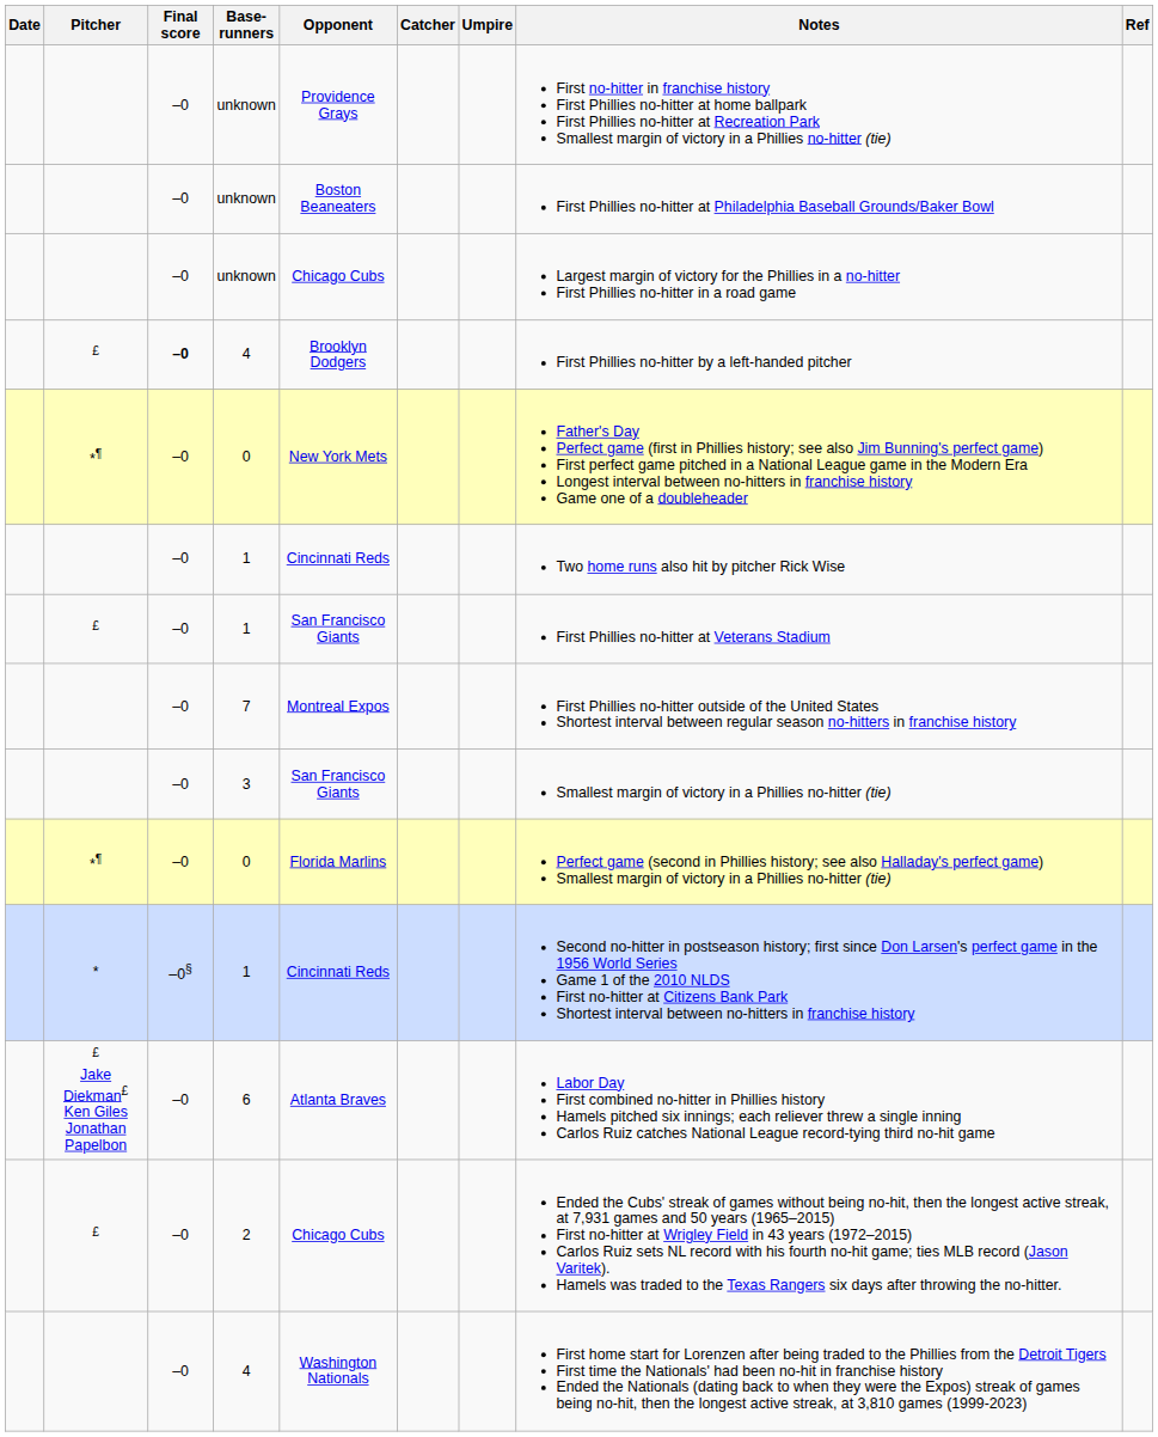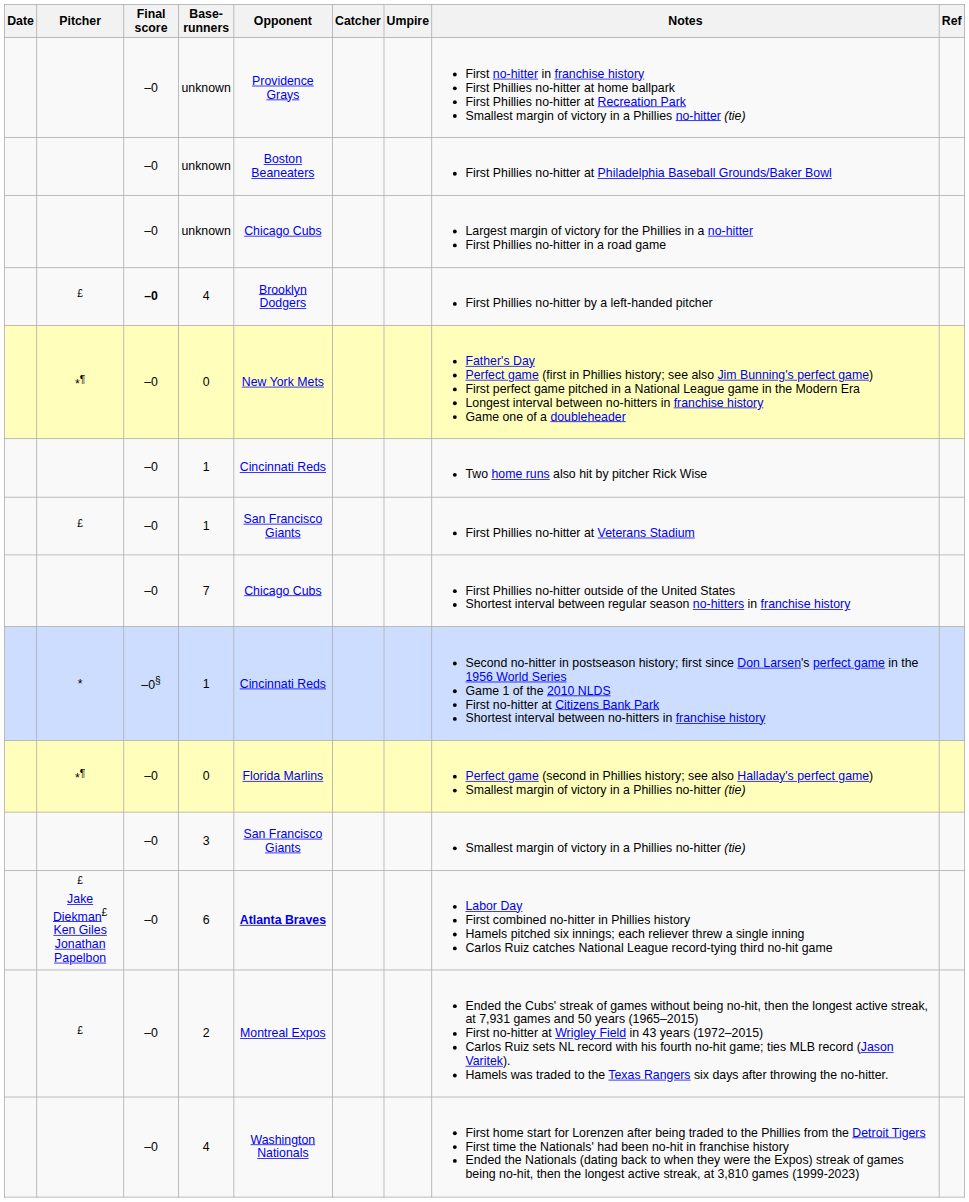 <table class="wikitable sortable" style="text-align:center" border="1">
 <tr>
 <th>Date</th>
 <th>Pitcher</th>
 <th>Final score</th>
 <th>Base-<br>runners</th>
 <th>Opponent</th>
 <th>Catcher</th>
 <th>Umpire</th>
 <th class="unsortable">Notes</th>
 <th class="unsortable">Ref</th>
 </tr>
 <tr>
 <td></td>
 <td></td>
 <td>–0</td>
 <td>unknown</td>
 <td><a href='#'>Providence Grays</a></td>
 <td></td>
 <td></td>
 <td align="left"><br><ul><li>First <a href='#'>no-hitter</a> in <a href='#'>franchise history</a></li><li>First Phillies no-hitter at home ballpark</li><li>First Phillies no-hitter at <a href='#'>Recreation Park</a></li><li>Smallest margin of victory in a Phillies <a href='#'>no-hitter</a> <em>(tie)</em></li></ul></td>
 <td></td>
 </tr>
 <tr>
 <td></td>
 <td></td>
 <td>–0</td>
 <td>unknown</td>
 <td><a href='#'>Boston Beaneaters</a></td>
 <td></td>
 <td></td>
 <td align="left"><br><ul><li>First Phillies no-hitter at <a href='#'>Philadelphia Baseball Grounds/Baker Bowl</a></li></ul></td>
 <td></td>
 </tr>
 <tr>
 <td></td>
 <td></td>
 <td>–0</td>
 <td>unknown</td>
 <td><a href='#'>Chicago Cubs</a></td>
 <td></td>
 <td></td>
 <td align="left"><br><ul><li>Largest margin of victory for the Phillies in a <a href='#'>no-hitter</a></li><li>First Phillies no-hitter in a road game</li></ul></td>
 <td></td>
 </tr>
 <tr>
 <td></td>
 <td><sup>£</sup></td>
 <td><strong>–0</strong></td>
 <td>4</td>
 <td><a href='#'>Brooklyn Dodgers</a></td>
 <td></td>
 <td></td>
 <td align="left"><br><ul><li>First Phillies no-hitter by a left-handed pitcher</li></ul></td>
 <td></td>
 </tr>
 <tr bgcolor="#ffffbb">
 <td></td>
 <td>*<sup>¶</sup></td>
 <td>–0</td>
 <td>0</td>
 <td><a href='#'>New York Mets</a></td>
 <td></td>
 <td></td>
 <td align="left"><br><ul><li><a href='#'>Father's Day</a></li><li><a href='#'>Perfect game</a> (first in Phillies history; see also <a href='#'>Jim Bunning's perfect game</a>)</li><li>First perfect game pitched in a National League game in the Modern Era</li><li>Longest interval between no-hitters in <a href='#'>franchise history</a></li><li>Game one of a <a href='#'>doubleheader</a></li></ul></td>
 <td></td>
 </tr>
 <tr>
 <td></td>
 <td></td>
 <td>–0</td>
 <td>1</td>
 <td><a href='#'>Cincinnati Reds</a></td>
 <td></td>
 <td></td>
 <td align="left"><br><ul><li>Two <a href='#'>home runs</a> also hit by pitcher Rick Wise</li></ul></td>
 <td></td>
 </tr>
 <tr>
 <td></td>
 <td><sup>£</sup></td>
 <td>–0</td>
 <td>1</td>
 <td><a href='#'>San Francisco Giants</a></td>
 <td></td>
 <td></td>
 <td align="left"><br><ul><li>First Phillies no-hitter at <a href='#'>Veterans Stadium</a></li></ul></td>
 <td></td>
 </tr>
 <tr>
 <td></td>
 <td></td>
 <td>–0</td>
 <td>7</td>
-<td><a href='#'>Montreal Expos</a></td>
+<td><a href='#'>Chicago Cubs</a></td>
 <td></td>
 <td></td>
 <td align="left"><br><ul><li>First Phillies no-hitter outside of the United States</li><li>Shortest interval between regular season <a href='#'>no-hitters</a> in <a href='#'>franchise history</a></li></ul></td>
+<td></td>
+</tr>
+<tr bgcolor="#ccddff">
+<td></td>
+<td>*</td>
+<td>–0<sup>§</sup></td>
+<td>1</td>
+<td><a href='#'>Cincinnati Reds</a></td>
+<td></td>
+<td></td>
+<td align="left"><br><ul><li>Second no-hitter in postseason history; first since <a href='#'>Don Larsen</a>'s <a href='#'>perfect game</a> in the <a href='#'>1956 World Series</a></li><li>Game 1 of the <a href='#'>2010 NLDS</a></li><li>First no-hitter at <a href='#'>Citizens Bank Park</a></li><li>Shortest interval between no-hitters in <a href='#'>franchise history</a></li></ul></td>
+<td></td>
+</tr>
+<tr bgcolor="#ffffbb">
+<td></td>
+<td>*<sup>¶</sup></td>
+<td>–0</td>
+<td>0</td>
+<td><a href='#'>Florida Marlins</a></td>
+<td></td>
+<td></td>
+<td align="left"><br><ul><li><a href='#'>Perfect game</a> (second in Phillies history; see also <a href='#'>Halladay's perfect game</a>)</li><li>Smallest margin of victory in a Phillies no-hitter <em>(tie)</em></li></ul></td>
 <td></td>
 </tr>
 <tr>
 <td></td>
 <td></td>
 <td>–0</td>
 <td>3</td>
 <td><a href='#'>San Francisco Giants</a></td>
 <td></td>
 <td></td>
 <td align="left"><br><ul><li>Smallest margin of victory in a Phillies no-hitter <em>(tie)</em></li></ul></td>
 <td></td>
 </tr>
-<tr bgcolor="#ffffbb">
-<td></td>
-<td>*<sup>¶</sup></td>
-<td>–0</td>
-<td>0</td>
-<td><a href='#'>Florida Marlins</a></td>
-<td></td>
-<td></td>
-<td align="left"><br><ul><li><a href='#'>Perfect game</a> (second in Phillies history; see also <a href='#'>Halladay's perfect game</a>)</li><li>Smallest margin of victory in a Phillies no-hitter <em>(tie)</em></li></ul></td>
-<td></td>
-</tr>
-<tr bgcolor="#ccddff">
-<td></td>
-<td>*</td>
-<td>–0<sup>§</sup></td>
-<td>1</td>
-<td><a href='#'>Cincinnati Reds</a></td>
-<td></td>
-<td></td>
-<td align="left"><br><ul><li>Second no-hitter in postseason history; first since <a href='#'>Don Larsen</a>'s <a href='#'>perfect game</a> in the <a href='#'>1956 World Series</a></li><li>Game 1 of the <a href='#'>2010 NLDS</a></li><li>First no-hitter at <a href='#'>Citizens Bank Park</a></li><li>Shortest interval between no-hitters in <a href='#'>franchise history</a></li></ul></td>
-<td></td>
-</tr>
 <tr>
 <td></td>
 <td><sup>£</sup><br><a href='#'>Jake Diekman</a><sup>£</sup><br><a href='#'>Ken Giles</a><br><a href='#'>Jonathan Papelbon</a></td>
 <td>–0</td>
 <td>6</td>
-<td><a href='#'>Atlanta Braves</a></td>
+<td><strong><a href='#'>Atlanta Braves</a></strong></td>
 <td></td>
 <td></td>
 <td align="left"><br><ul><li><a href='#'>Labor Day</a></li><li>First combined no-hitter in Phillies history</li><li>Hamels pitched six innings; each reliever threw a single inning</li><li>Carlos Ruiz catches National League record-tying third no-hit game</li></ul></td>
 <td></td>
 </tr>
 <tr>
 <td></td>
 <td><sup>£</sup></td>
 <td>–0</td>
 <td>2</td>
-<td><a href='#'>Chicago Cubs</a></td>
+<td><a href='#'>Montreal Expos</a></td>
 <td></td>
 <td></td>
 <td align="left"><br><ul><li>Ended the Cubs' streak of games without being no-hit, then the longest active streak, at 7,931 games and 50 years (1965–2015)</li><li>First no-hitter at <a href='#'>Wrigley Field</a> in 43 years (1972–2015)</li><li>Carlos Ruiz sets NL record with his fourth no-hit game; ties MLB record (<a href='#'>Jason Varitek</a>).</li><li>Hamels was traded to the <a href='#'>Texas Rangers</a> six days after throwing the no-hitter.</li></ul></td>
 <td></td>
 </tr>
 <tr>
 <td></td>
 <td></td>
 <td>–0</td>
 <td>4</td>
 <td><a href='#'>Washington Nationals</a></td>
 <td></td>
 <td></td>
 <td align="left"><br><ul><li>First home start for Lorenzen after being traded to the Phillies from the <a href='#'>Detroit Tigers</a></li><li>First time the Nationals' had been no-hit in franchise history</li><li>Ended the Nationals (dating back to when they were the Expos) streak of games being no-hit, then the longest active streak, at 3,810 games (1999-2023)</li></ul></td>
 <td></td>
 </tr>
 </table>
